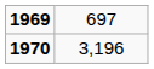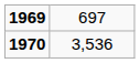 <table class="wikitable" style="text-align: center">
 <tr>
 <td><strong>1969</strong></td>
 <td scope="col" style="width: 75px;">697</td>
 </tr>
 <tr>
 <td><strong>1970</strong></td>
-<td>3,196</td>
+<td>3,536</td>
 </tr>
 </table>
